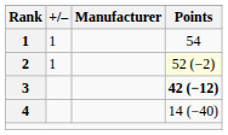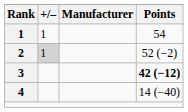 <table class="wikitable" style="font-size: 95%;">
 <tr>
 </tr>
 <tr>
 <th scope="col">Rank</th>
 <th scope="col">+/–</th>
 <th scope="col">Manufacturer</th>
 <th scope="col">Points</th>
 </tr>
 <tr>
 <th scope="row">1</th>
 <td align="left"> 1</td>
 <td></td>
 <td align="center">54</td>
 </tr>
 <tr>
 <th scope="row">2</th>
-<td align="left"> 1</td>
+<td align="left" style="background: lightgrey;"> 1</td>
 <td></td>
-<td align="center" style="background: lightyellow;">52 (−2)</td>
+<td align="center">52 (−2)</td>
 </tr>
 <tr>
 <th scope="row">3</th>
 <td align="left"></td>
 <td></td>
 <td align="center"><strong>42 (−12)</strong></td>
 </tr>
 <tr>
 <th scope="row">4</th>
 <td align="left"></td>
 <td></td>
 <td align="center">14 (−40)</td>
 </tr>
 <tr class="sortbottom">
 <td colspan="9"></td>
 </tr>
 </table>
